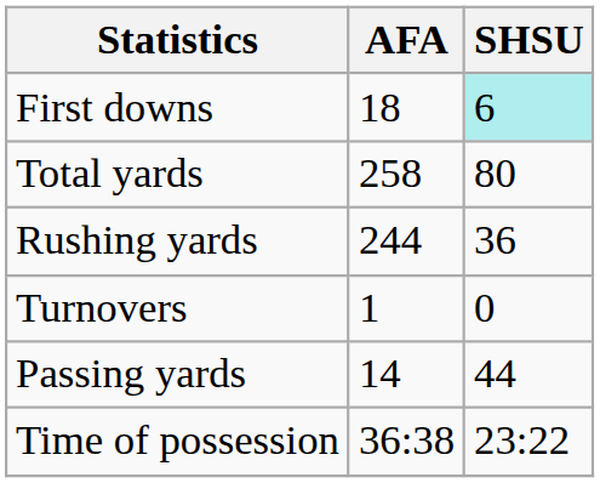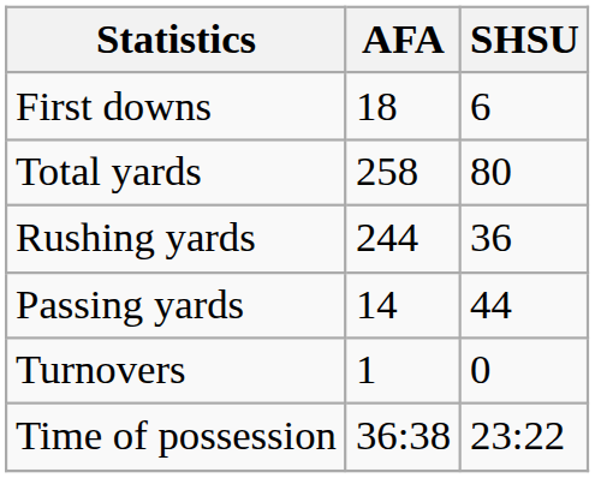 <table class="wikitable" style="float: left;">
 <tr>
 <th>Statistics</th>
 <th>AFA</th>
 <th>SHSU</th>
 </tr>
 <tr>
 <td>First downs</td>
 <td>18</td>
-<td style="background: paleturquoise;">6</td>
+<td>6</td>
 </tr>
 <tr>
 <td>Total yards</td>
 <td>258</td>
 <td>80</td>
 </tr>
 <tr>
 <td>Rushing yards</td>
 <td>244</td>
 <td>36</td>
 </tr>
 <tr>
+<td>Passing yards</td>
+<td>14</td>
+<td>44</td>
+</tr>
+<tr>
 <td>Turnovers</td>
 <td>1</td>
 <td>0</td>
-</tr>
-<tr>
-<td>Passing yards</td>
-<td>14</td>
-<td>44</td>
 </tr>
 <tr>
 <td>Time of possession</td>
 <td>36:38</td>
 <td>23:22</td>
 </tr>
 <tr>
 </tr>
 </table>
